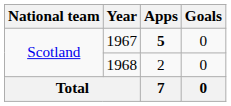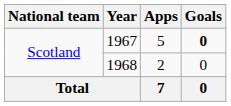 <table class="wikitable" style="text-align:center">
 <tr>
 <th>National team</th>
 <th>Year</th>
 <th>Apps</th>
 <th>Goals</th>
 </tr>
 <tr>
 <td rowspan=2><a href='#'>Scotland</a></td>
 <td>1967</td>
-<td><strong>5</strong></td>
-<td>0</td>
+<td>5</td>
+<td><strong>0</strong></td>
 </tr>
 <tr>
 <td>1968</td>
 <td>2</td>
 <td>0</td>
 </tr>
 <tr>
 <th colspan="2">Total</th>
 <th>7</th>
 <th>0</th>
 </tr>
 </table>
